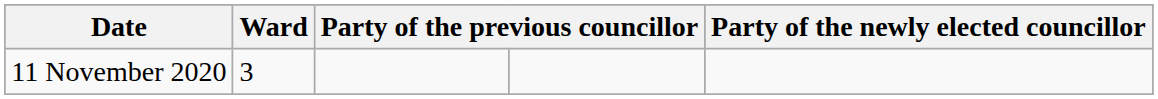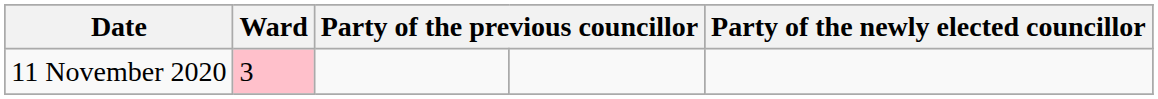 <table class="wikitable">
 <tr>
 <th>Date</th>
 <th>Ward</th>
 <th colspan=2>Party of the previous councillor</th>
 <th colspan=2>Party of the newly elected councillor</th>
 </tr>
 <tr>
 <td>11 November 2020</td>
-<td>3</td>
+<td style="background: pink;">3</td>
 <td></td>
 <td></td>
 </tr>
 </table>
